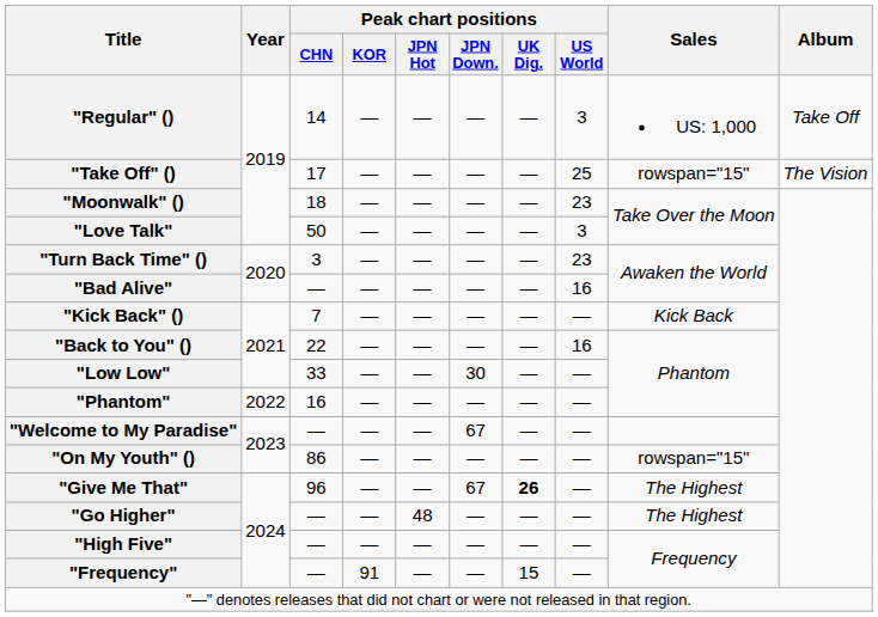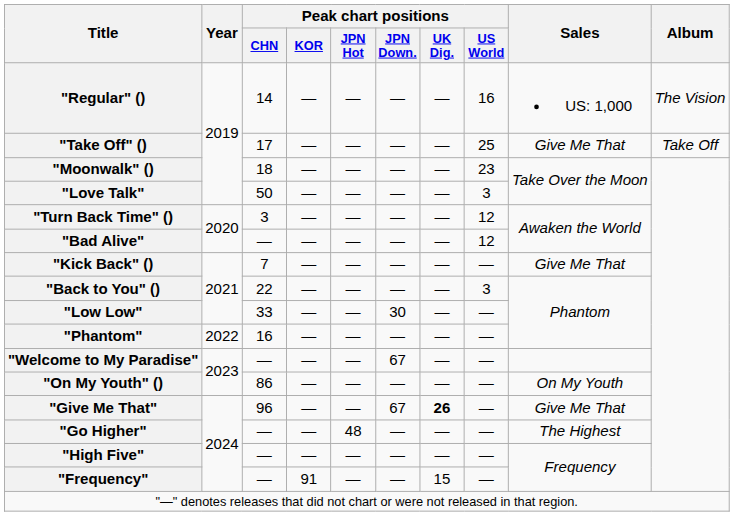 <table class="wikitable plainrowheaders" style="text-align:center">
 <tr>
 <th scope="col" rowspan="2">Title</th>
 <th scope="col" rowspan="2">Year</th>
 <th scope="col" colspan="6">Peak chart positions</th>
 <th scope="col" rowspan="2">Sales</th>
 <th scope="col" rowspan="2">Album</th>
 </tr>
 <tr>
 <th scope="col" style="width:3em;font-size:85%"><a href='#'>CHN</a><br></th>
 <th scope="col" style="width:3em;font-size:85%"><a href='#'>KOR</a><br></th>
 <th scope="col" style="width:3em;font-size:85%"><a href='#'>JPN<br>Hot</a><br></th>
 <th scope="col" style="width:3em;font-size:85%"><a href='#'>JPN<br>Down.</a><br></th>
 <th scope="col" style="width:3em;font-size:85%"><a href='#'>UK Dig.</a><br></th>
 <th scope="col" style="width:3em;font-size:85%"><a href='#'>US<br>World</a><br></th>
 </tr>
 <tr>
 <th scope="row">"Regular" ()</th>
 <td rowspan="4">2019</td>
 <td>14</td>
 <td>—</td>
 <td>—</td>
 <td>—</td>
 <td>—</td>
-<td>3</td>
+<td>16</td>
 <td><br><ul><li>US: 1,000</li></ul></td>
-<td><em>Take Off</em></td>
+<td><em>The Vision</em></td>
 </tr>
 <tr>
 <th scope="row">"Take Off" ()</th>
 <td>17</td>
 <td>—</td>
 <td>—</td>
 <td>—</td>
 <td>—</td>
 <td>25</td>
-<td>rowspan="15" </td>
-<td><em>The Vision</em></td>
+<td><em>Give Me That</em></td>
+<td><em>Take Off</em></td>
 </tr>
 <tr>
 <th scope="row">"Moonwalk" ()</th>
 <td>18</td>
 <td>—</td>
 <td>—</td>
 <td>—</td>
 <td>—</td>
 <td>23</td>
 <td rowspan="2"><em>Take Over the Moon</em></td>
 </tr>
 <tr>
 <th scope="row">"Love Talk"</th>
 <td>50</td>
 <td>—</td>
 <td>—</td>
 <td>—</td>
 <td>—</td>
 <td>3</td>
 </tr>
 <tr>
 <th scope="row">"Turn Back Time" ()</th>
 <td rowspan="2">2020</td>
 <td>3</td>
 <td>—</td>
 <td>—</td>
 <td>—</td>
 <td>—</td>
-<td>23</td>
+<td>12</td>
 <td rowspan="2"><em>Awaken the World</em></td>
 </tr>
 <tr>
 <th scope="row">"Bad Alive"<br></th>
 <td>—</td>
 <td>—</td>
 <td>—</td>
 <td>—</td>
 <td>—</td>
-<td>16</td>
+<td>12</td>
 </tr>
 <tr>
 <th scope="row">"Kick Back" ()</th>
 <td rowspan="3">2021</td>
 <td>7</td>
 <td>—</td>
 <td>—</td>
 <td>—</td>
 <td>—</td>
 <td>—</td>
-<td><em>Kick Back</em></td>
+<td><em>Give Me That</em></td>
 </tr>
 <tr>
 <th scope="row">"Back to You" ()<br></th>
 <td>22</td>
 <td>—</td>
 <td>—</td>
 <td>—</td>
 <td>—</td>
-<td>16</td>
+<td>3</td>
 <td rowspan="3"><em>Phantom</em></td>
 </tr>
 <tr>
 <th scope="row">"Low Low"<br></th>
 <td>33</td>
 <td>—</td>
 <td>—</td>
 <td>30</td>
 <td>—</td>
 <td>—</td>
 </tr>
 <tr>
 <th scope="row">"Phantom"</th>
 <td>2022</td>
 <td>16</td>
 <td>—</td>
 <td>—</td>
 <td>—</td>
 <td>—</td>
 <td>—</td>
 </tr>
 <tr>
 <th scope="row">"Welcome to My Paradise"</th>
 <td rowspan="2">2023</td>
 <td>—</td>
 <td>—</td>
 <td>—</td>
 <td>67</td>
 <td>—</td>
 <td>—</td>
 <td></td>
 </tr>
 <tr>
 <th scope="row">"On My Youth" ()</th>
 <td>86</td>
 <td>—</td>
 <td>—</td>
 <td>—</td>
 <td>—</td>
 <td>—</td>
-<td>rowspan="15" </td>
+<td><em>On My Youth</em></td>
 </tr>
 <tr>
 <th scope="row">"Give Me That"</th>
 <td rowspan="4">2024</td>
 <td>96</td>
 <td>—</td>
 <td>—</td>
 <td>67</td>
 <td><strong>26</strong></td>
 <td>—</td>
-<td><em>The Highest</em></td>
+<td><em>Give Me That</em></td>
 </tr>
 <tr>
 <th scope="row">"Go Higher"</th>
 <td>—</td>
 <td>—</td>
 <td>48</td>
 <td>—</td>
 <td>—</td>
 <td>—</td>
 <td><em>The Highest</em></td>
 </tr>
 <tr>
 <th scope="row">"High Five"</th>
 <td>—</td>
 <td>—</td>
 <td>—</td>
 <td>—</td>
 <td>—</td>
 <td>—</td>
 <td rowspan="2"><em>Frequency</em></td>
 </tr>
 <tr>
 <th scope="row">"Frequency"</th>
 <td>—</td>
 <td>91</td>
 <td>—</td>
 <td>—</td>
 <td>15</td>
 <td>—</td>
 </tr>
 <tr>
 <td colspan="10" style="font-size:85%">"—" denotes releases that did not chart or were not released in that region.</td>
 </tr>
 </table>
